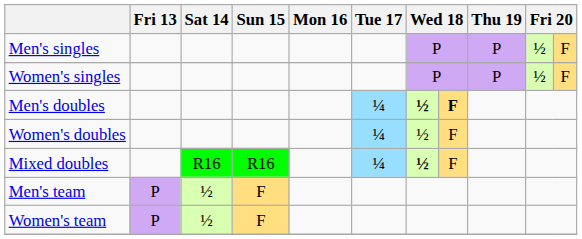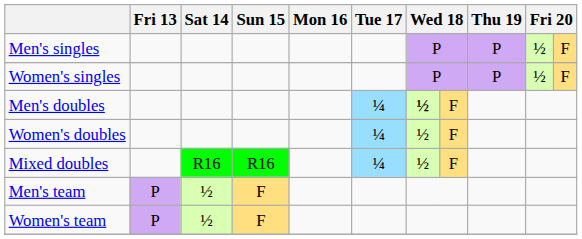 <table class="wikitable" style="margin:0.5em auto; font-size:90%; line-height:1.25em;">
 <tr style="text-align:center;">
 <th></th>
 <th>Fri 13</th>
 <th>Sat 14</th>
 <th>Sun 15</th>
 <th>Mon 16</th>
 <th>Tue 17</th>
 <th colspan="2">Wed 18</th>
 <th>Thu 19</th>
 <th colspan="2">Fri 20</th>
 </tr>
 <tr style="text-align:center;">
 <td style="text-align:left;"><a href='#'>Men's singles</a></td>
 <td></td>
 <td></td>
 <td></td>
 <td></td>
 <td></td>
 <td colspan="2" style="background-color:#D0A9F5;text-align:center;">P</td>
 <td style="background-color:#D0A9F5;text-align:center;">P</td>
 <td style="background-color:#D9FFB2;text-align:center;">½</td>
 <td style="background-color:#FFDF80;text-align:center;">F</td>
 </tr>
 <tr style="text-align:center;">
 </tr>
 <tr style="text-align:center;">
 <td style="text-align:left;"><a href='#'>Women's singles</a></td>
 <td></td>
 <td></td>
 <td></td>
 <td></td>
 <td></td>
 <td colspan="2" style="background-color:#D0A9F5;text-align:center;">P</td>
 <td style="background-color:#D0A9F5;text-align:center;">P</td>
 <td style="background-color:#D9FFB2;text-align:center;">½</td>
 <td style="background-color:#FFDF80;text-align:center;">F</td>
 </tr>
 <tr style="text-align:center;"|- style="text-align:center;">
 <td style="text-align:left;"><a href='#'>Men's doubles</a></td>
 <td></td>
 <td></td>
 <td></td>
 <td></td>
 <td style="background-color:#97DEFF;text-align:center;">¼</td>
 <td style="background-color:#D9FFB2;text-align:center;"><strong>½</strong></td>
-<td style="background-color:#FFDF80;text-align:center;"><strong>F</strong></td>
+<td style="background-color:#FFDF80;text-align:center;">F</td>
 <td></td>
 <td colspan="2"></td>
 </tr>
 <tr style="text-align:center;">
 <td style="text-align:left;"><a href='#'>Women's doubles</a></td>
 <td></td>
 <td></td>
 <td></td>
 <td></td>
 <td style="background-color:#97DEFF;text-align:center;">¼</td>
 <td style="background-color:#D9FFB2;text-align:center;">½</td>
 <td style="background-color:#FFDF80;text-align:center;">F</td>
 <td></td>
 <td colspan="2"></td>
 </tr>
 <tr style="text-align:center;">
 <td style="text-align:left;"><a href='#'>Mixed doubles</a></td>
 <td></td>
 <td style="background-color:#00FF00;text-align:center;">R16</td>
 <td style="background-color:#00FF00;text-align:center;">R16</td>
 <td></td>
 <td style="background-color:#97DEFF;text-align:center;">¼</td>
-<td style="background-color:#D9FFB2;text-align:center;"><strong>½</strong></td>
+<td style="background-color:#D9FFB2;text-align:center;">½</td>
 <td style="background-color:#FFDF80;text-align:center;">F</td>
 <td></td>
 <td colspan="2"></td>
 </tr>
 <tr style="text-align:center;">
 <td style="text-align:left;"><a href='#'>Men's team</a></td>
 <td style="background-color:#D0A9F5;">P</td>
 <td style="background-color:#D9FFB2;">½</td>
 <td style="background-color:#FFDF80;">F</td>
 <td></td>
 <td></td>
 <td colspan="2"></td>
 <td></td>
 <td colspan="2"></td>
 </tr>
 <tr style="text-align:center;">
 <td style="text-align:left;"><a href='#'>Women's team</a></td>
 <td style="background-color:#D0A9F5;">P</td>
 <td style="background-color:#D9FFB2;">½</td>
 <td style="background-color:#FFDF80;">F</td>
 <td></td>
 <td></td>
 <td colspan="2"></td>
 <td></td>
 <td colspan="2"></td>
 </tr>
 <tr style="text-align:center;">
 </tr>
 </table>
